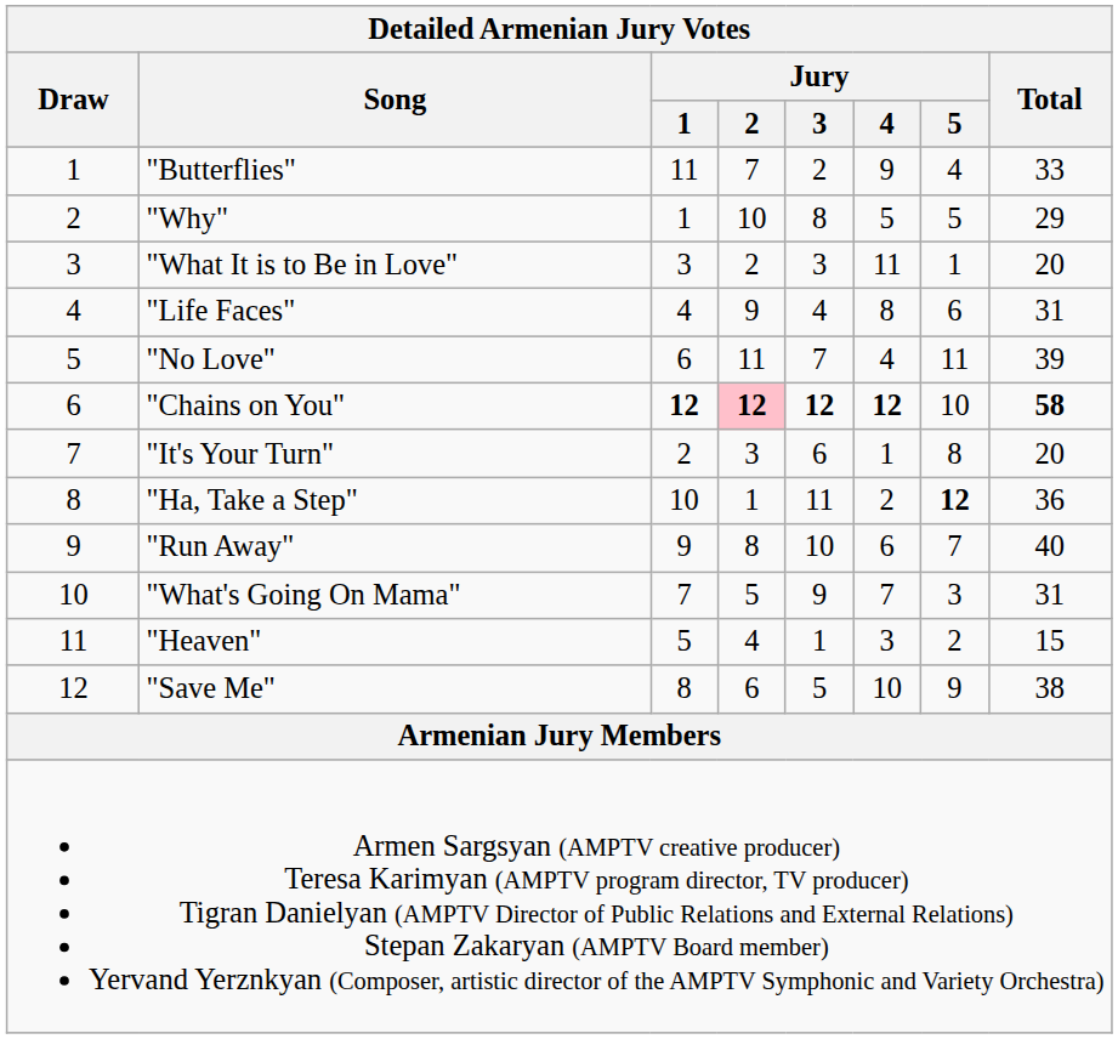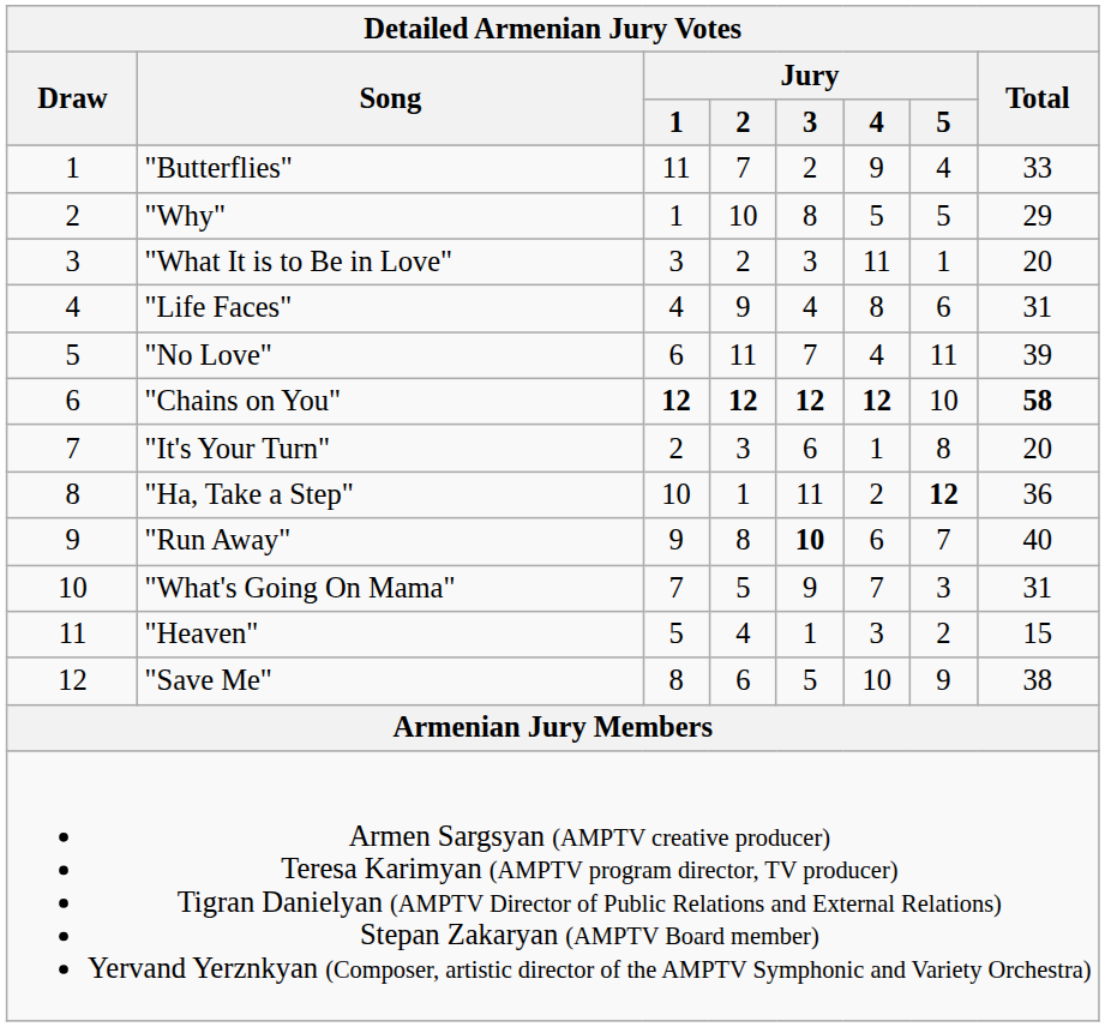 <table class="wikitable collapsible collapsed" style="margin: 1em auto 1em auto; text-align:center;">
 <tr>
 <th colspan="8">Detailed Armenian Jury Votes</th>
 </tr>
 <tr>
 <th rowspan="2">Draw</th>
 <th rowspan="2">Song</th>
 <th colspan="5">Jury</th>
 <th rowspan="2">Total</th>
 </tr>
 <tr>
 <th>1</th>
 <th>2</th>
 <th>3</th>
 <th>4</th>
 <th>5</th>
 </tr>
 <tr>
 <td>1</td>
 <td align="left">"Butterflies"</td>
 <td>11</td>
 <td>7</td>
 <td>2</td>
 <td>9</td>
 <td>4</td>
 <td>33</td>
 </tr>
 <tr>
 <td>2</td>
 <td align="left">"Why"</td>
 <td>1</td>
 <td>10</td>
 <td>8</td>
 <td>5</td>
 <td>5</td>
 <td>29</td>
 </tr>
 <tr>
 <td>3</td>
 <td align="left">"What It is to Be in Love"</td>
 <td>3</td>
 <td>2</td>
 <td>3</td>
 <td>11</td>
 <td>1</td>
 <td>20</td>
 </tr>
 <tr>
 <td>4</td>
 <td align="left">"Life Faces"</td>
 <td>4</td>
 <td>9</td>
 <td>4</td>
 <td>8</td>
 <td>6</td>
 <td>31</td>
 </tr>
 <tr>
 <td>5</td>
 <td align="left">"No Love"</td>
 <td>6</td>
 <td>11</td>
 <td>7</td>
 <td>4</td>
 <td>11</td>
 <td>39</td>
 </tr>
 <tr>
 <td>6</td>
 <td align="left">"Chains on You"</td>
 <td><strong>12</strong></td>
-<td style="background: pink;"><strong>12</strong></td>
+<td><strong>12</strong></td>
 <td><strong>12</strong></td>
 <td><strong>12</strong></td>
 <td>10</td>
 <td><strong>58</strong></td>
 </tr>
 <tr>
 <td>7</td>
 <td align="left">"It's Your Turn"</td>
 <td>2</td>
 <td>3</td>
 <td>6</td>
 <td>1</td>
 <td>8</td>
 <td>20</td>
 </tr>
 <tr>
 <td>8</td>
 <td align="left">"Ha, Take a Step"</td>
 <td>10</td>
 <td>1</td>
 <td>11</td>
 <td>2</td>
 <td><strong>12</strong></td>
 <td>36</td>
 </tr>
 <tr>
 <td>9</td>
 <td align="left">"Run Away"</td>
 <td>9</td>
 <td>8</td>
-<td>10</td>
+<td><strong>10</strong></td>
 <td>6</td>
 <td>7</td>
 <td>40</td>
 </tr>
 <tr>
 <td>10</td>
 <td align="left">"What's Going On Mama"</td>
 <td>7</td>
 <td>5</td>
 <td>9</td>
 <td>7</td>
 <td>3</td>
 <td>31</td>
 </tr>
 <tr>
 <td>11</td>
 <td align="left">"Heaven"</td>
 <td>5</td>
 <td>4</td>
 <td>1</td>
 <td>3</td>
 <td>2</td>
 <td>15</td>
 </tr>
 <tr>
 <td>12</td>
 <td align="left">"Save Me"</td>
 <td>8</td>
 <td>6</td>
 <td>5</td>
 <td>10</td>
 <td>9</td>
 <td>38</td>
 </tr>
 <tr>
 <th colspan="8">Armenian Jury Members</th>
 </tr>
 <tr>
 <td colspan="8"><br><ul><li>Armen Sargsyan <small>(AMPTV creative producer)</small></li><li>Teresa Karimyan <small>(AMPTV program director, TV producer)</small></li><li>Tigran Danielyan <small>(AMPTV Director of Public Relations and External Relations)</small></li><li>Stepan Zakaryan <small>(AMPTV Board member)</small></li><li>Yervand Yerznkyan <small>(Composer, artistic director of the AMPTV Symphonic and Variety Orchestra)</small></li></ul></td>
 </tr>
 </table>
